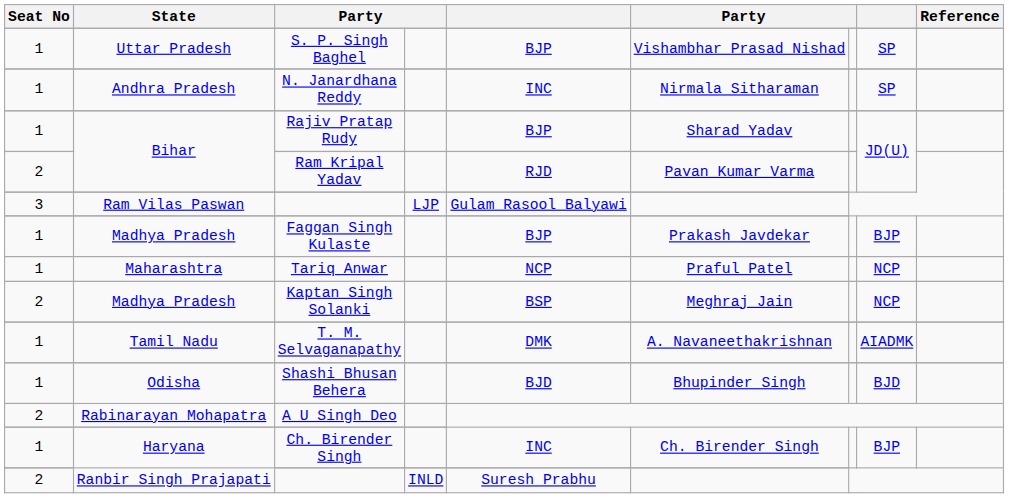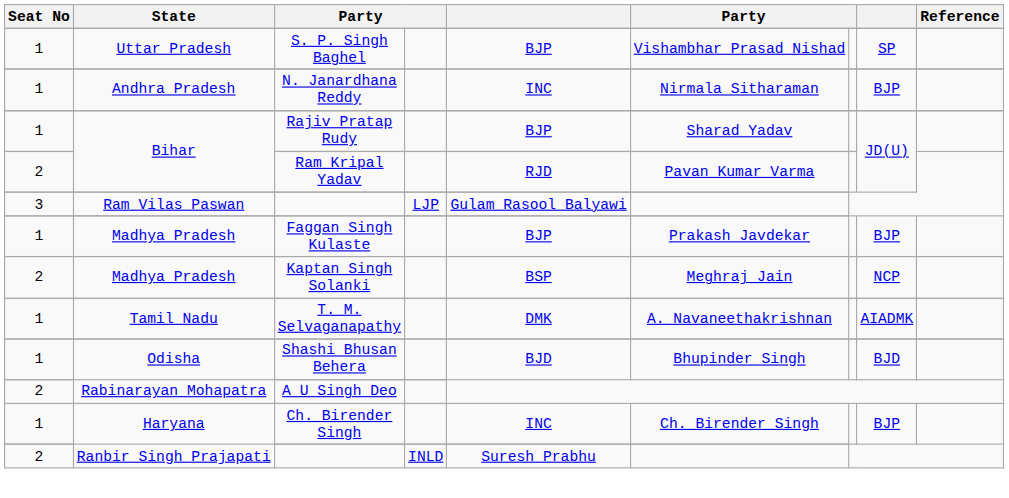 <table class="wikitable">
 <tr>
 <th>Seat No</th>
 <th>State</th>
 <th colspan="2">Party</th>
 <th></th>
 <th colspan="2">Party</th>
 <th></th>
 <th>Reference</th>
 </tr>
 <tr>
 </tr>
 <tr style="text-align:center;">
 <td>1</td>
 <td><a href='#'>Uttar Pradesh</a></td>
 <td><a href='#'>S. P. Singh Baghel</a></td>
 <td width="1px"></td>
 <td><a href='#'>BJP</a></td>
 <td><a href='#'>Vishambhar Prasad Nishad</a></td>
 <td width="1px"></td>
 <td><a href='#'>SP</a></td>
 <td rowspan=1></td>
 </tr>
 <tr>
 </tr>
 <tr style="text-align:center;">
 <td>1</td>
 <td><a href='#'>Andhra Pradesh</a></td>
 <td><a href='#'>N. Janardhana Reddy</a></td>
 <td width="1px"></td>
 <td><a href='#'>INC</a></td>
 <td><a href='#'>Nirmala Sitharaman</a></td>
 <td width="1px"></td>
-<td><a href='#'>SP</a></td>
+<td><a href='#'>BJP</a></td>
 <td rowspan=1></td>
 </tr>
 <tr>
 </tr>
 <tr style="text-align:center;">
 <td>1</td>
 <td rowspan=3><a href='#'>Bihar</a></td>
 <td><a href='#'>Rajiv Pratap Rudy</a></td>
 <td width="1px"></td>
 <td><a href='#'>BJP</a></td>
 <td><a href='#'>Sharad Yadav</a></td>
 <td width="1px"></td>
 <td rowspan=3><a href='#'>JD(U)</a></td>
 <td rowspan=1></td>
 </tr>
 <tr>
 </tr>
 <tr style="text-align:center;">
 <td>2</td>
 <td><a href='#'>Ram Kripal Yadav</a></td>
 <td width="1px"></td>
 <td><a href='#'>RJD</a></td>
 <td><a href='#'>Pavan Kumar Varma</a></td>
 <td rowspan=1></td>
 </tr>
 <tr>
 </tr>
 <tr style="text-align:center;">
 <td>3</td>
 <td><a href='#'>Ram Vilas Paswan</a></td>
 <td width="1px"></td>
 <td><a href='#'>LJP</a></td>
 <td><a href='#'>Gulam Rasool Balyawi</a></td>
 <td rowspan=1></td>
 </tr>
 <tr>
 </tr>
 <tr style="text-align:center;">
 <td>1</td>
 <td><a href='#'>Madhya Pradesh</a></td>
 <td><a href='#'>Faggan Singh Kulaste</a></td>
 <td width="1px"></td>
 <td><a href='#'>BJP</a></td>
 <td><a href='#'>Prakash Javdekar</a></td>
 <td width="1px"></td>
 <td><a href='#'>BJP</a></td>
 <td rowspan=1></td>
 </tr>
 <tr>
-</tr>
-<tr style="text-align:center;">
-<td>1</td>
-<td><a href='#'>Maharashtra</a></td>
-<td><a href='#'>Tariq Anwar</a></td>
-<td width="1px"></td>
-<td><a href='#'>NCP</a></td>
-<td><a href='#'>Praful Patel</a></td>
-<td width="1px"></td>
-<td><a href='#'>NCP</a></td>
-<td rowspan=1></td>
 </tr>
 <tr>
 </tr>
 <tr style="text-align:center;">
 <td>2</td>
 <td><a href='#'>Madhya Pradesh</a></td>
 <td><a href='#'>Kaptan Singh Solanki</a></td>
 <td width="1px"></td>
 <td><a href='#'>BSP</a></td>
 <td><a href='#'>Meghraj Jain</a></td>
 <td width="1px"></td>
 <td><a href='#'>NCP</a></td>
 <td rowspan=1></td>
 </tr>
 <tr>
 </tr>
 <tr style="text-align:center;">
 <td>1</td>
 <td><a href='#'>Tamil Nadu</a></td>
 <td><a href='#'>T. M. Selvaganapathy</a></td>
 <td width="1px"></td>
 <td><a href='#'>DMK</a></td>
 <td><a href='#'>A. Navaneethakrishnan</a></td>
 <td width="1px"></td>
 <td><a href='#'>AIADMK</a></td>
 <td rowspan=1></td>
 </tr>
 <tr>
 </tr>
 <tr style="text-align:center;">
 <td>1</td>
 <td rowspan=2><a href='#'>Odisha</a></td>
 <td><a href='#'>Shashi Bhusan Behera</a></td>
 <td width="1px"></td>
 <td rowspan=2><a href='#'>BJD</a></td>
 <td><a href='#'>Bhupinder Singh</a></td>
 <td width="1px"></td>
 <td rowspan=2><a href='#'>BJD</a></td>
 <td rowspan=1></td>
 </tr>
 <tr>
 </tr>
 <tr style="text-align:center;">
 <td>2</td>
 <td><a href='#'>Rabinarayan Mohapatra</a></td>
 <td><a href='#'>A U Singh Deo</a></td>
 <td rowspan=1></td>
 </tr>
 <tr>
 </tr>
 <tr style="text-align:center;">
 <td>1</td>
 <td rowspan=2><a href='#'>Haryana</a></td>
 <td><a href='#'>Ch. Birender Singh</a></td>
 <td width="1px"></td>
 <td><a href='#'>INC</a></td>
 <td><a href='#'>Ch. Birender Singh</a></td>
 <td width="1px"></td>
 <td rowspan=2><a href='#'>BJP</a></td>
 <td rowspan=1></td>
 </tr>
 <tr>
 </tr>
 <tr style="text-align:center;">
 <td>2</td>
 <td><a href='#'>Ranbir Singh Prajapati</a></td>
 <td width="1px"></td>
 <td><a href='#'>INLD</a></td>
 <td><a href='#'>Suresh Prabhu</a></td>
 <td rowspan=1></td>
 </tr>
 </table>
